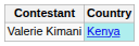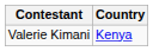 <table class="wikitable">
 <tr>
 <th>Contestant</th>
 <th>Country</th>
 </tr>
 <tr>
 <td>Valerie Kimani</td>
-<td style="background: paleturquoise;"><a href='#'>Kenya</a></td>
+<td><a href='#'>Kenya</a></td>
 </tr>
 </table>
